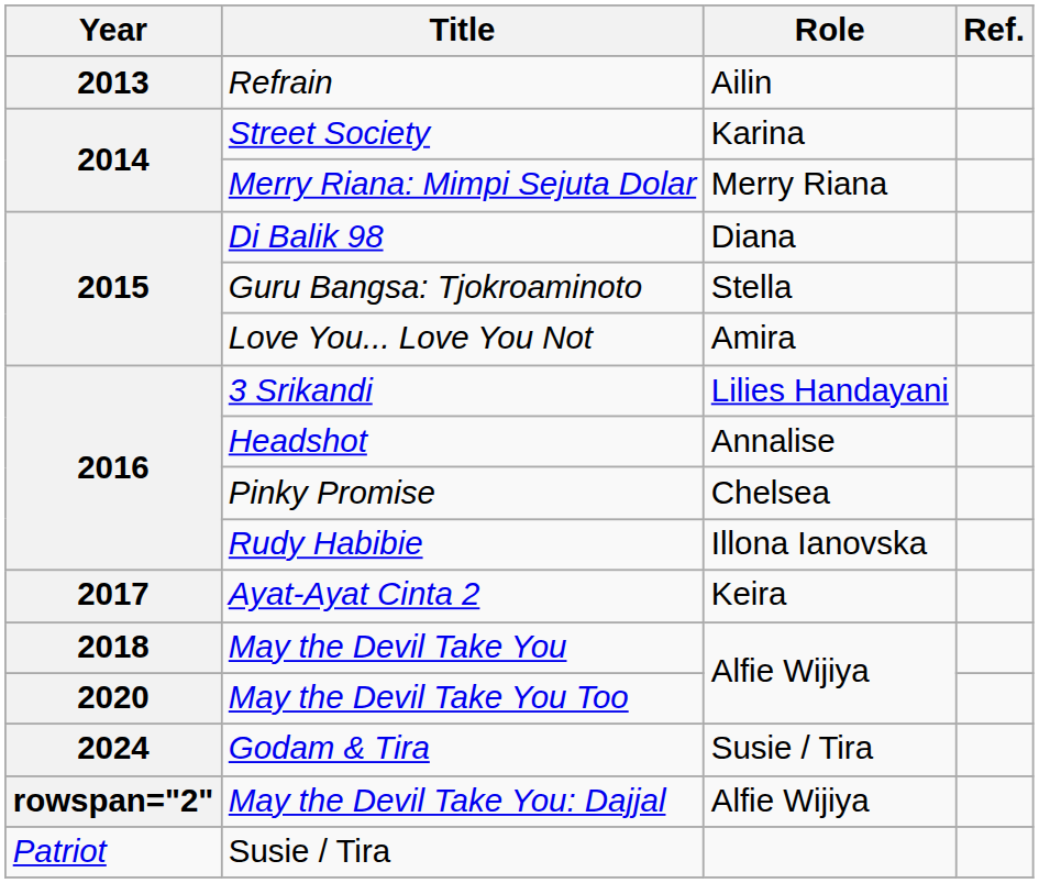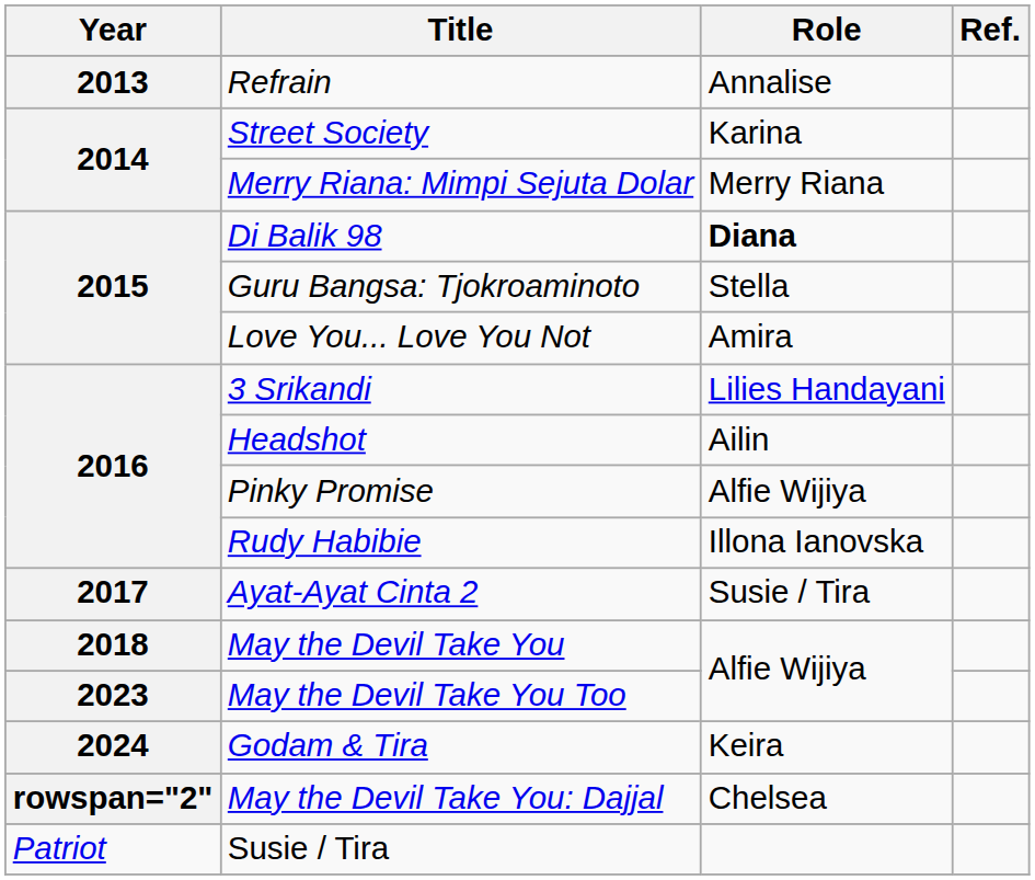 <table class="wikitable sortable plainrowheaders">
 <tr>
 <th scope="col">Year</th>
 <th>Title</th>
 <th scope="col">Role</th>
 <th scope="col" class="unsortable">Ref.</th>
 </tr>
 <tr>
 <th>2013</th>
 <td><em>Refrain</em></td>
-<td>Ailin</td>
+<td>Annalise</td>
 <td align="center"></td>
 </tr>
 <tr>
 <th rowspan="2">2014</th>
 <td><em><a href='#'>Street Society</a></em></td>
 <td>Karina</td>
 <td align="center"></td>
 </tr>
 <tr>
 <td><em><a href='#'>Merry Riana: Mimpi Sejuta Dolar</a></em></td>
 <td>Merry Riana</td>
 <td align="center"></td>
 </tr>
 <tr>
 <th rowspan="3">2015</th>
 <td><em><a href='#'>Di Balik 98</a></em></td>
-<td>Diana</td>
+<td><strong>Diana</strong></td>
 <td align="center"></td>
 </tr>
 <tr>
 <td><em>Guru Bangsa: Tjokroaminoto</em></td>
 <td>Stella</td>
 <td align="center"></td>
 </tr>
 <tr>
 <td><em>Love You... Love You Not</em></td>
 <td>Amira</td>
 <td align="center"></td>
 </tr>
 <tr>
 <th rowspan="4">2016</th>
 <td><em><a href='#'>3 Srikandi</a></em></td>
 <td><a href='#'>Lilies Handayani</a></td>
 <td align="center"></td>
 </tr>
 <tr>
 <td><em><a href='#'>Headshot</a></em></td>
-<td>Annalise</td>
+<td>Ailin</td>
 <td align="center"></td>
 </tr>
 <tr>
 <td><em>Pinky Promise</em></td>
-<td>Chelsea</td>
+<td>Alfie Wijiya</td>
 <td align="center"></td>
 </tr>
 <tr>
 <td><em><a href='#'>Rudy Habibie</a></em></td>
 <td>Illona Ianovska</td>
 <td align="center"></td>
 </tr>
 <tr>
 <th>2017</th>
 <td><em><a href='#'>Ayat-Ayat Cinta 2</a></em></td>
-<td>Keira</td>
+<td>Susie / Tira</td>
 <td align="center"></td>
 </tr>
 <tr>
 <th>2018</th>
 <td><em><a href='#'>May the Devil Take You</a></em></td>
 <td rowspan="2">Alfie Wijiya</td>
 <td align="center"></td>
 </tr>
 <tr>
-<th>2020</th>
+<th>2023</th>
 <td><em><a href='#'>May the Devil Take You Too</a></em></td>
 <td align="center"></td>
 </tr>
 <tr>
 <th rowspan="1">2024</th>
 <td><em><a href='#'>Godam & Tira</a></em></td>
-<td>Susie / Tira</td>
+<td>Keira</td>
 <td></td>
 </tr>
 <tr>
 <th>rowspan="2" </th>
 <td><em><a href='#'>May the Devil Take You: Dajjal</a></em></td>
-<td>Alfie Wijiya</td>
+<td>Chelsea</td>
 <td align="center"></td>
 </tr>
 <tr>
 <td><em><a href='#'>Patriot</a></em></td>
 <td>Susie / Tira</td>
 <td></td>
 </tr>
 </table>
